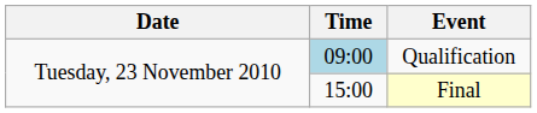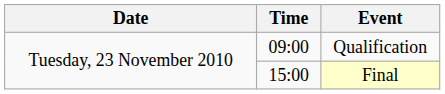 <table class = "wikitable" style="text-align:center;">
 <tr>
 <th width=220>Date</th>
 <th width=50>Time</th>
 <th width=100>Event</th>
 </tr>
 <tr>
 <td rowspan=2>Tuesday, 23 November 2010</td>
-<td style="background: lightblue;">09:00</td>
+<td>09:00</td>
 <td>Qualification</td>
 </tr>
 <tr>
 <td>15:00</td>
 <td bgcolor=ffffcc>Final</td>
 </tr>
 </table>
